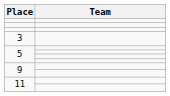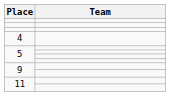 <table class="wikitable" style="text-align:center;">
 <tr>
 <th width=35>Place</th>
 <th width=185>Team</th>
 </tr>
 <tr>
 <td></td>
 <td style="text-align:left;"></td>
 </tr>
 <tr align=center>
 <td></td>
 <td style="text-align:left;"></td>
 </tr>
 <tr align=center>
 <td></td>
 <td style="text-align:left;"></td>
 </tr>
 <tr>
-<td>3</td>
+<td>4</td>
 <td style="text-align:left;"></td>
 </tr>
 <tr>
 <td rowspan=4>5</td>
 <td style="text-align:left;"></td>
 </tr>
 <tr>
 <td style="text-align:left;"></td>
 </tr>
 <tr>
 <td style="text-align:left;"></td>
 </tr>
 <tr>
 <td style="text-align:left;"></td>
 </tr>
 <tr>
 <td rowspan=2>9</td>
 <td style="text-align:left;"></td>
 </tr>
 <tr>
 <td style="text-align:left;"></td>
 </tr>
 <tr>
 <td rowspan=2>11</td>
 <td style="text-align:left;"></td>
 </tr>
 <tr>
 <td style="text-align:left;"></td>
 </tr>
 </table>
